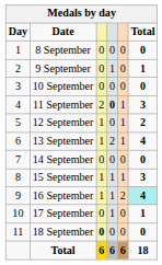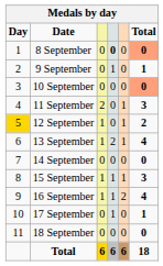 <table class="wikitable" style="font-size:85%; float:right">
 <tr align=center>
 <th colspan=7><strong>Medals by day</strong></th>
 </tr>
 <tr align=center>
 <td><strong>Day</strong></td>
 <td><strong>Date</strong></td>
 <td style="background:#f7f6a8;"></td>
 <td style="background:#dce5e5;"></td>
 <td style="background:#ffdab9;"></td>
 <td><strong>Total</strong></td>
 </tr>
 <tr align=center>
 <td>1</td>
 <td>8 September</td>
 <td style="background:#F7F6A8;">0</td>
-<td style="background:#DCE5E5;">0</td>
+<td style="background:#DCE5E5;"><strong>0</strong></td>
 <td style="background:#FFDAB9;">0</td>
-<td><strong>0</strong></td>
+<td style="background: lightsalmon;"><strong>0</strong></td>
 </tr>
 <tr align=center>
 <td>2</td>
 <td>9 September</td>
 <td style="background:#F7F6A8;">0</td>
 <td style="background:#DCE5E5;">1</td>
 <td style="background:#FFDAB9;">0</td>
 <td><strong>1</strong></td>
 </tr>
 <tr align=center>
 <td>3</td>
 <td>10 September</td>
 <td style="background:#F7F6A8;">0</td>
 <td style="background:#DCE5E5;">0</td>
 <td style="background:#FFDAB9;">0</td>
-<td><strong>0</strong></td>
+<td style="background: lightsalmon;"><strong>0</strong></td>
 </tr>
 <tr align=center>
 <td>4</td>
 <td>11 September</td>
 <td style="background:#F7F6A8;">2</td>
-<td style="background:#DCE5E5;"><strong>0</strong></td>
+<td style="background:#DCE5E5;">0</td>
 <td style="background:#FFDAB9;">1</td>
 <td><strong>3</strong></td>
 </tr>
 <tr align=center>
-<td>5</td>
+<td style="background: gold;">5</td>
 <td>12 September</td>
 <td style="background:#F7F6A8;">1</td>
 <td style="background:#DCE5E5;">0</td>
 <td style="background:#FFDAB9;">1</td>
 <td><strong>2</strong></td>
 </tr>
 <tr align=center>
 <td>6</td>
 <td>13 September</td>
 <td style="background:#F7F6A8;">1</td>
 <td style="background:#DCE5E5;">2</td>
 <td style="background:#FFDAB9;">1</td>
 <td><strong>4</strong></td>
 </tr>
 <tr align=center>
 <td>7</td>
 <td>14 September</td>
 <td style="background:#F7F6A8;">0</td>
 <td style="background:#DCE5E5;">0</td>
 <td style="background:#FFDAB9;">0</td>
 <td><strong>0</strong></td>
 </tr>
 <tr align=center>
 <td>8</td>
 <td>15 September</td>
 <td style="background:#F7F6A8;">1</td>
 <td style="background:#DCE5E5;">1</td>
 <td style="background:#FFDAB9;">1</td>
 <td><strong>3</strong></td>
 </tr>
 <tr align=center>
 <td>9</td>
 <td>16 September</td>
 <td style="background:#F7F6A8;">1</td>
 <td style="background:#DCE5E5;">1</td>
 <td style="background:#FFDAB9;">2</td>
-<td style="background: paleturquoise;"><strong>4</strong></td>
+<td><strong>4</strong></td>
 </tr>
 <tr align=center>
 <td>10</td>
 <td>17 September</td>
 <td style="background:#F7F6A8;">0</td>
 <td style="background:#DCE5E5;">1</td>
 <td style="background:#FFDAB9;">0</td>
 <td><strong>1</strong></td>
 </tr>
 <tr align=center>
 <td>11</td>
 <td>18 September</td>
-<td style="background:#F7F6A8;"><strong>0</strong></td>
+<td style="background:#F7F6A8;">0</td>
 <td style="background:#DCE5E5;">0</td>
 <td style="background:#FFDAB9;">0</td>
 <td><strong>0</strong></td>
 </tr>
 <tr align=center>
 <td></td>
 <td><strong>Total</strong></td>
 <td style="background:gold;"><strong>6</strong></td>
 <td style="background:silver;"><strong>6</strong></td>
 <td style="background:#c96;"><strong>6</strong></td>
 <td><strong>18</strong></td>
 </tr>
 </table>
